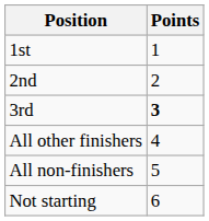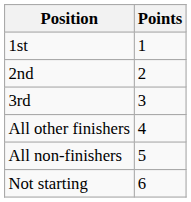 <table class="wikitable" style="font-size:95%">
 <tr>
 <th>Position</th>
 <th>Points</th>
 </tr>
 <tr>
 <td>1st</td>
 <td>1</td>
 </tr>
 <tr>
 <td>2nd</td>
 <td>2</td>
 </tr>
 <tr>
 <td>3rd</td>
-<td><strong>3</strong></td>
+<td>3</td>
 </tr>
 <tr>
 <td>All other finishers</td>
 <td>4</td>
 </tr>
 <tr>
 <td>All non-finishers</td>
 <td>5</td>
 </tr>
 <tr>
 <td>Not starting</td>
 <td>6</td>
 </tr>
 </table>
